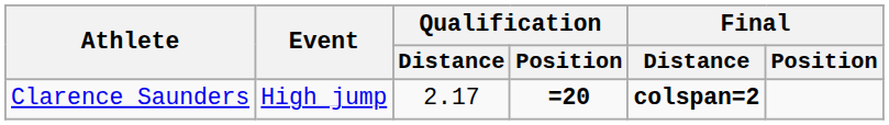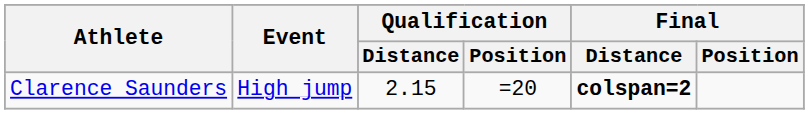 <table class=wikitable style=font-size:90%>
 <tr>
 <th rowspan=2>Athlete</th>
 <th rowspan=2>Event</th>
 <th colspan=2>Qualification</th>
 <th colspan=2>Final</th>
 </tr>
 <tr style=font-size:95%>
 <th>Distance</th>
 <th>Position</th>
 <th>Distance</th>
 <th>Position</th>
 </tr>
 <tr align=center>
 <td align=left><a href='#'>Clarence Saunders</a></td>
 <td align=left rowspan=2><a href='#'>High jump</a></td>
-<td>2.17</td>
-<td><strong>=20</strong></td>
+<td>2.15</td>
+<td>=20</td>
 <td><strong>colspan=2 </strong></td>
 </tr>
 </table>
